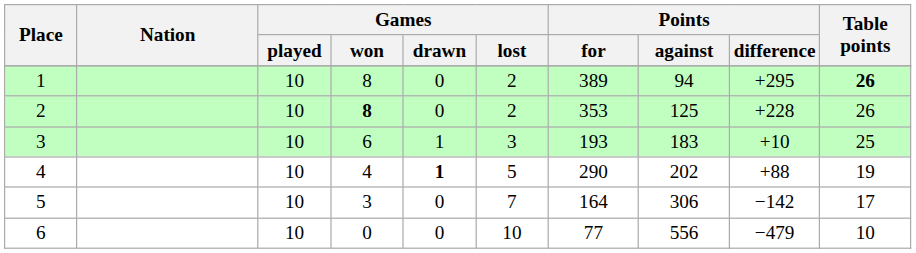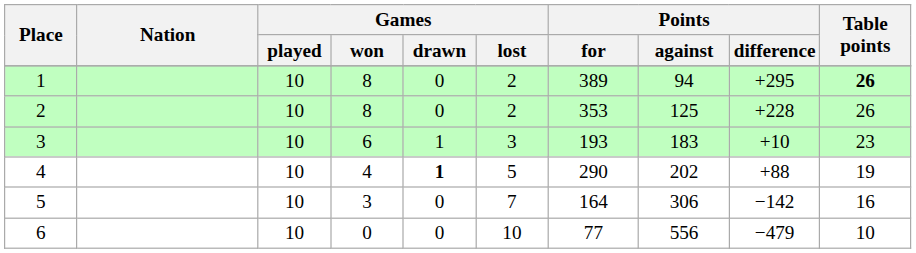 <table class="wikitable">
 <tr>
 <th rowspan=2 width="8%">Place</th>
 <th rowspan=2 width="20%">Nation</th>
 <th colspan=4 width="32%">Games</th>
 <th colspan=3 width="30%">Points</th>
 <th rowspan=2 width="10%">Table<br>points</th>
 </tr>
 <tr>
 <th width="8%">played</th>
 <th width="8%">won</th>
 <th width="8%">drawn</th>
 <th width="8%">lost</th>
 <th width="10%">for</th>
 <th width="10%">against</th>
 <th width="10%">difference</th>
 </tr>
 <tr>
 </tr>
 <tr bgcolor=#C0FFC0 align=center>
 <td>1</td>
 <td align=left></td>
 <td>10</td>
 <td>8</td>
 <td>0</td>
 <td>2</td>
 <td>389</td>
 <td>94</td>
 <td>+295</td>
 <td><strong>26</strong></td>
 </tr>
 <tr bgcolor=#C0FFC0 align=center>
 <td>2</td>
 <td align=left></td>
 <td>10</td>
-<td><strong>8</strong></td>
+<td>8</td>
 <td>0</td>
 <td>2</td>
 <td>353</td>
 <td>125</td>
 <td>+228</td>
 <td>26</td>
 </tr>
 <tr bgcolor=#C0FFC0 align=center>
 <td>3</td>
 <td align=left></td>
 <td>10</td>
 <td>6</td>
 <td>1</td>
 <td>3</td>
 <td>193</td>
 <td>183</td>
 <td>+10</td>
-<td>25</td>
+<td>23</td>
 </tr>
 <tr bgcolor=#ffffff align=center>
 <td>4</td>
 <td align=left></td>
 <td>10</td>
 <td>4</td>
 <td><strong>1</strong></td>
 <td>5</td>
 <td>290</td>
 <td>202</td>
 <td>+88</td>
 <td>19</td>
 </tr>
 <tr bgcolor=#ffffff align=center>
 <td>5</td>
 <td align=left></td>
 <td>10</td>
 <td>3</td>
 <td>0</td>
 <td>7</td>
 <td>164</td>
 <td>306</td>
 <td>−142</td>
-<td>17</td>
+<td>16</td>
 </tr>
 <tr bgcolor=#ffffff align=center>
 <td>6</td>
 <td align=left></td>
 <td>10</td>
 <td>0</td>
 <td>0</td>
 <td>10</td>
 <td>77</td>
 <td>556</td>
 <td>−479</td>
 <td>10</td>
 </tr>
 </table>
